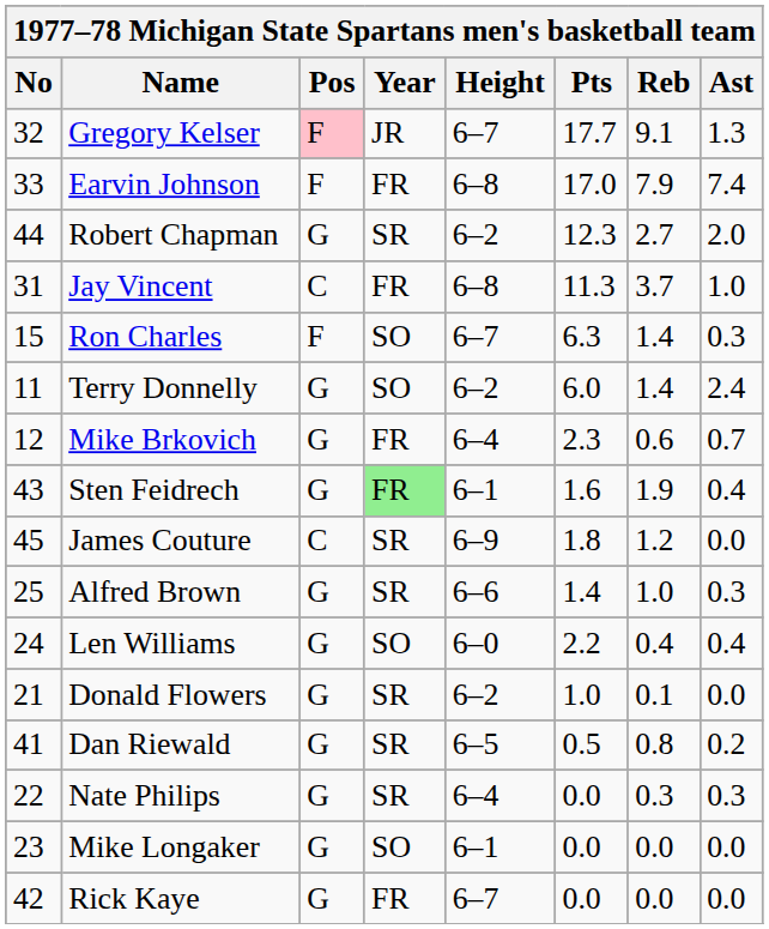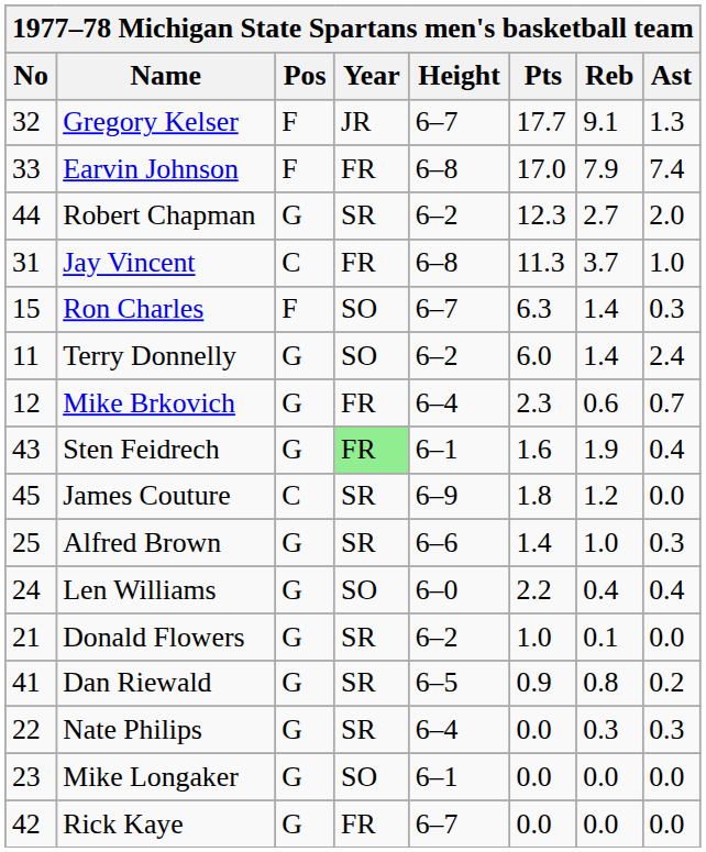 <table class="wikitable sortable" style="font-size: 90%"|->
 <tr>
 <th colspan=9 style=>1977–78 Michigan State Spartans men's basketball team</th>
 </tr>
 <tr>
 <th style="background:#">No</th>
 <th style="background:#">Name</th>
 <th style="background:#">Pos</th>
 <th style="background:#">Year</th>
 <th style="background:#">Height</th>
 <th style="background:#">Pts</th>
 <th style="background:#">Reb</th>
 <th style="background:#">Ast</th>
 </tr>
 <tr>
 <td>32</td>
 <td><a href='#'>Gregory Kelser</a></td>
-<td style="background: pink;">F</td>
+<td>F</td>
 <td>JR</td>
 <td>6–7</td>
 <td>17.7</td>
 <td>9.1</td>
 <td>1.3</td>
 </tr>
 <tr>
 <td>33</td>
 <td><a href='#'>Earvin Johnson</a></td>
 <td>F</td>
 <td>FR</td>
 <td>6–8</td>
 <td>17.0</td>
 <td>7.9</td>
 <td>7.4</td>
 </tr>
 <tr>
 <td>44</td>
 <td>Robert Chapman</td>
 <td>G</td>
 <td>SR</td>
 <td>6–2</td>
 <td>12.3</td>
 <td>2.7</td>
 <td>2.0</td>
 </tr>
 <tr>
 <td>31</td>
 <td><a href='#'>Jay Vincent</a></td>
 <td>C</td>
 <td>FR</td>
 <td>6–8</td>
 <td>11.3</td>
 <td>3.7</td>
 <td>1.0</td>
 </tr>
 <tr>
 <td>15</td>
 <td><a href='#'>Ron Charles</a></td>
 <td>F</td>
 <td>SO</td>
 <td>6–7</td>
 <td>6.3</td>
 <td>1.4</td>
 <td>0.3</td>
 </tr>
 <tr>
 <td>11</td>
 <td>Terry Donnelly</td>
 <td>G</td>
 <td>SO</td>
 <td>6–2</td>
 <td>6.0</td>
 <td>1.4</td>
 <td>2.4</td>
 </tr>
 <tr>
 <td>12</td>
 <td><a href='#'>Mike Brkovich</a></td>
 <td>G</td>
 <td>FR</td>
 <td>6–4</td>
 <td>2.3</td>
 <td>0.6</td>
 <td>0.7</td>
 </tr>
 <tr>
 <td>43</td>
 <td>Sten Feidrech</td>
 <td>G</td>
 <td style="background: lightgreen;">FR</td>
 <td>6–1</td>
 <td>1.6</td>
 <td>1.9</td>
 <td>0.4</td>
 </tr>
 <tr>
 <td>45</td>
 <td>James Couture</td>
 <td>C</td>
 <td>SR</td>
 <td>6–9</td>
 <td>1.8</td>
 <td>1.2</td>
 <td>0.0</td>
 </tr>
 <tr>
 <td>25</td>
 <td>Alfred Brown</td>
 <td>G</td>
 <td>SR</td>
 <td>6–6</td>
 <td>1.4</td>
 <td>1.0</td>
 <td>0.3</td>
 </tr>
 <tr>
 <td>24</td>
 <td>Len Williams</td>
 <td>G</td>
 <td>SO</td>
 <td>6–0</td>
 <td>2.2</td>
 <td>0.4</td>
 <td>0.4</td>
 </tr>
 <tr>
 <td>21</td>
 <td>Donald Flowers</td>
 <td>G</td>
 <td>SR</td>
 <td>6–2</td>
 <td>1.0</td>
 <td>0.1</td>
 <td>0.0</td>
 </tr>
 <tr>
 <td>41</td>
 <td>Dan Riewald</td>
 <td>G</td>
 <td>SR</td>
 <td>6–5</td>
-<td>0.5</td>
+<td>0.9</td>
 <td>0.8</td>
 <td>0.2</td>
 </tr>
 <tr>
 <td>22</td>
 <td>Nate Philips</td>
 <td>G</td>
 <td>SR</td>
 <td>6–4</td>
 <td>0.0</td>
 <td>0.3</td>
 <td>0.3</td>
 </tr>
 <tr>
 <td>23</td>
 <td>Mike Longaker</td>
 <td>G</td>
 <td>SO</td>
 <td>6–1</td>
 <td>0.0</td>
 <td>0.0</td>
 <td>0.0</td>
 </tr>
 <tr>
 <td>42</td>
 <td>Rick Kaye</td>
 <td>G</td>
 <td>FR</td>
 <td>6–7</td>
 <td>0.0</td>
 <td>0.0</td>
 <td>0.0</td>
 </tr>
 <tr>
 </tr>
 </table>
